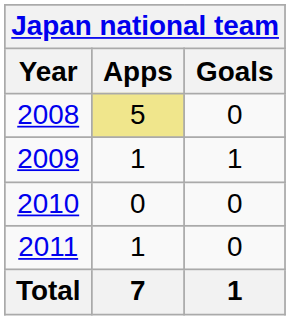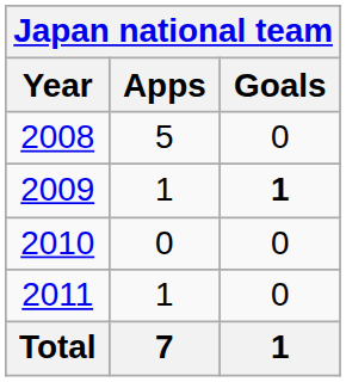 <table class="wikitable" style="text-align:center">
 <tr>
 <th colspan=3><a href='#'>Japan national team</a></th>
 </tr>
 <tr>
 <th>Year</th>
 <th>Apps</th>
 <th>Goals</th>
 </tr>
 <tr>
 <td><a href='#'>2008</a></td>
-<td style="background: khaki;">5</td>
+<td>5</td>
 <td>0</td>
 </tr>
 <tr>
 <td><a href='#'>2009</a></td>
 <td>1</td>
-<td>1</td>
+<td><strong>1</strong></td>
 </tr>
 <tr>
 <td><a href='#'>2010</a></td>
 <td>0</td>
 <td>0</td>
 </tr>
 <tr>
 <td><a href='#'>2011</a></td>
 <td>1</td>
 <td>0</td>
 </tr>
 <tr>
 <th>Total</th>
 <th>7</th>
 <th>1</th>
 </tr>
 </table>
